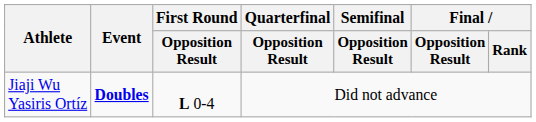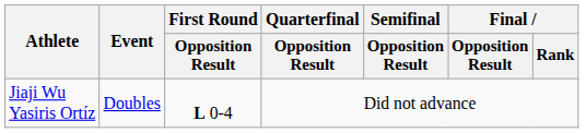 <table class=wikitable style=font-size:90%;text-align:center>
 <tr>
 <th rowspan=2>Athlete</th>
 <th rowspan=2>Event</th>
 <th>First Round</th>
 <th>Quarterfinal</th>
 <th>Semifinal</th>
 <th colspan=2>Final / </th>
 </tr>
 <tr style=font-size:95%>
 <th>Opposition<br>Result</th>
 <th>Opposition<br>Result</th>
 <th>Opposition<br>Result</th>
 <th>Opposition<br>Result</th>
 <th>Rank</th>
 </tr>
 <tr>
 <td align=left><a href='#'>Jiaji Wu</a><br><a href='#'>Yasiris Ortíz</a></td>
-<td align=left><strong><a href='#'>Doubles</a></strong></td>
+<td align=left><a href='#'>Doubles</a></td>
 <td><br><strong>L</strong> 0-4</td>
 <td colspan=4>Did not advance</td>
 </tr>
 </table>
